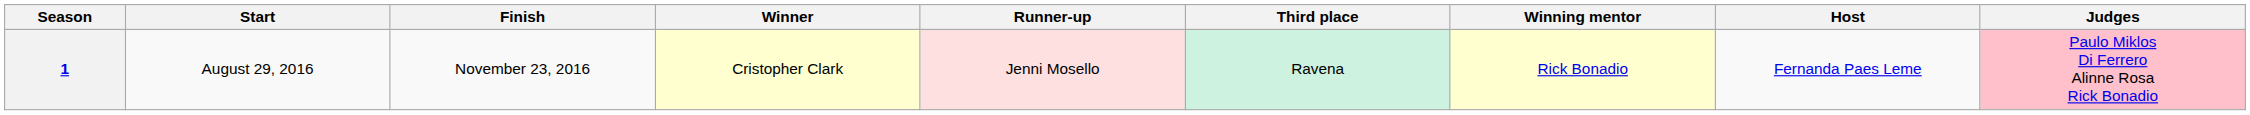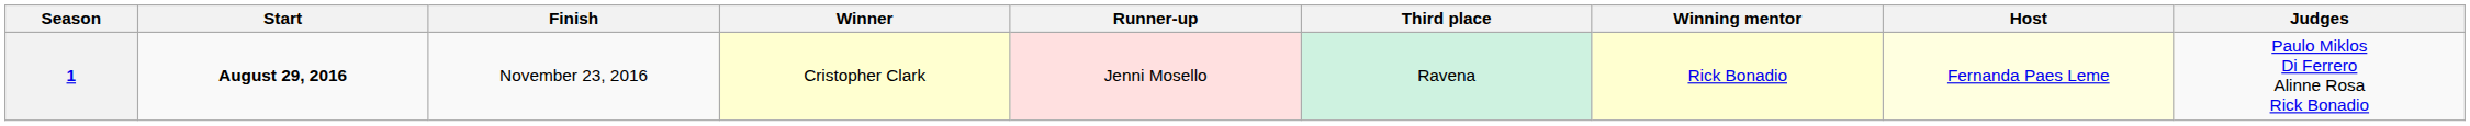 <table class="wikitable" style="text-align:center; font-size:85%; line-height:16px; width:100%;">
 <tr>
 <th scope="col" style="width:05%">Season</th>
 <th scope="col" style="width:11%">Start</th>
 <th scope="col" style="width:11%">Finish</th>
 <th scope="col" style="width:11%">Winner</th>
 <th scope="col" style="width:11%">Runner-up</th>
 <th scope="col" style="width:11%">Third place</th>
 <th scope="col" style="width:11%">Winning mentor</th>
 <th scope="col" style="width:11%">Host</th>
 <th colspan="4" scope="col" style="width:11%">Judges</th>
 </tr>
 <tr>
 <th><a href='#'>1</a></th>
-<td>August 29, 2016</td>
+<td><strong>August 29, 2016</strong></td>
 <td>November 23, 2016</td>
 <td bgcolor="#FFFFD0">Cristopher Clark</td>
 <td bgcolor="#FFE0E0">Jenni Mosello</td>
 <td bgcolor="#CEF2E0">Ravena</td>
 <td bgcolor="#FFFFD0"><a href='#'>Rick Bonadio</a></td>
-<td><a href='#'>Fernanda Paes Leme</a></td>
-<td style="background: pink;"><a href='#'>Paulo Miklos</a><br><a href='#'>Di Ferrero</a><br>Alinne Rosa<br><a href='#'>Rick Bonadio</a></td>
+<td style="background: lightyellow;"><a href='#'>Fernanda Paes Leme</a></td>
+<td><a href='#'>Paulo Miklos</a><br><a href='#'>Di Ferrero</a><br>Alinne Rosa<br><a href='#'>Rick Bonadio</a></td>
 </tr>
 </table>
